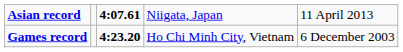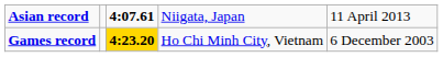 <table class="wikitable">
 <tr>
 <td><strong><a href='#'>Asian record</a></strong></td>
 <td></td>
 <td><strong>4:07.61</strong></td>
 <td><a href='#'>Niigata, Japan</a></td>
 <td>11 April 2013</td>
 </tr>
 <tr>
 <td><strong><a href='#'>Games record</a></strong></td>
 <td></td>
-<td><strong>4:23.20</strong></td>
+<td style="background: gold;"><strong>4:23.20</strong></td>
 <td><a href='#'>Ho Chi Minh City</a>, Vietnam</td>
 <td>6 December 2003</td>
 </tr>
 </table>
